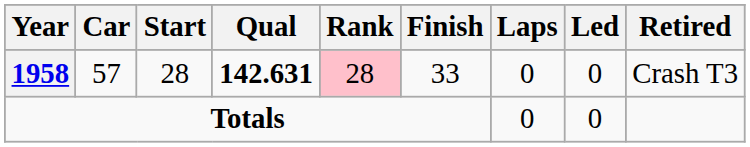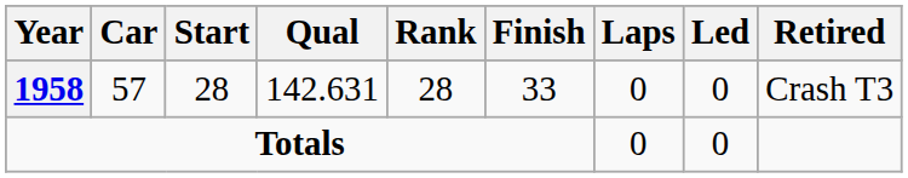 <table class="wikitable" style="text-align:center">
 <tr>
 <th>Year</th>
 <th>Car</th>
 <th>Start</th>
 <th>Qual</th>
 <th>Rank</th>
 <th>Finish</th>
 <th>Laps</th>
 <th>Led</th>
 <th>Retired</th>
 </tr>
 <tr>
 <th><a href='#'>1958</a></th>
 <td>57</td>
 <td>28</td>
-<td><strong>142.631</strong></td>
-<td style="background: pink;">28</td>
+<td>142.631</td>
+<td>28</td>
 <td>33</td>
 <td>0</td>
 <td>0</td>
 <td>Crash T3</td>
 </tr>
 <tr>
 <td colspan=6><strong>Totals</strong></td>
 <td>0</td>
 <td>0</td>
 <td></td>
 </tr>
 </table>
